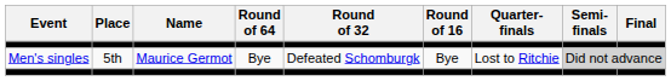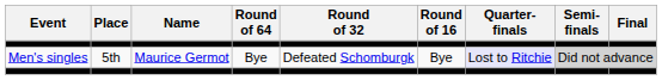 <table class=wikitable>
 <tr>
 <th>Event</th>
 <th>Place</th>
 <th>Name</th>
 <th>Round <br> of 64</th>
 <th>Round <br> of 32</th>
 <th>Round <br> of 16</th>
 <th>Quarter-<br>finals</th>
 <th>Semi-<br>finals</th>
 <th>Final</th>
 </tr>
 <tr bgcolor=black>
 <td></td>
 <td></td>
 <td></td>
 <td></td>
 <td></td>
 <td></td>
 <td></td>
 <td></td>
 <td></td>
 </tr>
 <tr align=center>
 <td align=left><a href='#'>Men's singles</a></td>
 <td>5th</td>
 <td align=left><a href='#'>Maurice Germot</a></td>
 <td>Bye</td>
 <td>Defeated <a href='#'>Schomburgk</a></td>
 <td>Bye</td>
-<td>Lost to <a href='#'>Ritchie</a></td>
+<td style="background: lavender;">Lost to <a href='#'>Ritchie</a></td>
 <td colspan=2 bgcolor=lightgray>Did not advance</td>
 </tr>
 <tr bgcolor=black>
 <td></td>
 <td></td>
 <td></td>
 <td></td>
 <td></td>
 <td></td>
 <td></td>
 <td></td>
 <td></td>
 </tr>
 </table>
